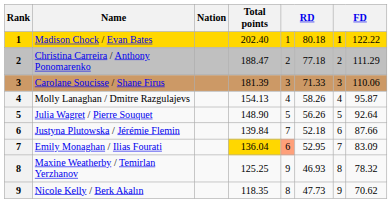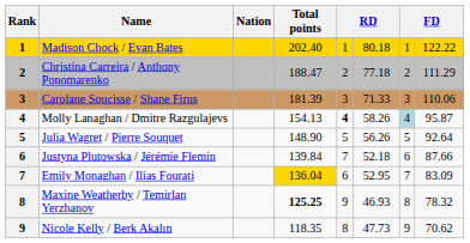 <table class="wikitable sortable">
 <tr>
 <th>Rank</th>
 <th>Name</th>
 <th>Nation</th>
 <th>Total points</th>
 <th colspan="2" width="80px"><a href='#'>RD</a></th>
 <th colspan="2" width="80px"><a href='#'>FD</a></th>
 </tr>
 <tr bgcolor="gold">
 <td align="center"><strong>1</strong></td>
 <td><a href='#'>Madison Chock</a> / <a href='#'>Evan Bates</a></td>
 <td></td>
 <td align="center">202.40</td>
 <td align="center">1</td>
 <td align="center">80.18</td>
-<td align="center"><strong>1</strong></td>
+<td align="center">1</td>
 <td align="center">122.22</td>
 </tr>
 <tr bgcolor="silver">
 <td align="center"><strong>2</strong></td>
 <td><a href='#'>Christina Carreira</a> / <a href='#'>Anthony Ponomarenko</a></td>
 <td></td>
 <td align="center">188.47</td>
 <td align="center">2</td>
 <td align="center">77.18</td>
 <td align="center">2</td>
 <td align="center">111.29</td>
 </tr>
 <tr bgcolor="cc9966">
 <td align="center"><strong>3</strong></td>
 <td><a href='#'>Carolane Soucisse</a> / <a href='#'>Shane Firus</a></td>
 <td></td>
 <td align="center">181.39</td>
 <td align="center">3</td>
 <td align="center">71.33</td>
 <td align="center">3</td>
 <td align="center">110.06</td>
 </tr>
 <tr>
 <th>4</th>
 <td>Molly Lanaghan / Dmitre Razgulajevs</td>
 <td></td>
 <td align="center">154.13</td>
-<td align="center">4</td>
+<td align="center"><strong>4</strong></td>
 <td align="center">58.26</td>
-<td align="center">4</td>
+<td align="center" style="background: lightblue;">4</td>
 <td align="center">95.87</td>
 </tr>
 <tr>
 <th>5</th>
 <td><a href='#'>Julia Wagret</a> / <a href='#'>Pierre Souquet</a></td>
 <td></td>
 <td align="center">148.90</td>
 <td align="center">5</td>
 <td align="center">56.26</td>
 <td align="center">5</td>
 <td align="center">92.64</td>
 </tr>
 <tr>
 <th>6</th>
 <td><a href='#'>Justyna Plutowska</a> / <a href='#'>Jérémie Flemin</a></td>
 <td></td>
 <td align="center">139.84</td>
 <td align="center">7</td>
 <td align="center">52.18</td>
 <td align="center">6</td>
 <td align="center">87.66</td>
 </tr>
 <tr>
 <th>7</th>
 <td><a href='#'>Emily Monaghan</a> / <a href='#'>Ilias Fourati</a></td>
 <td></td>
 <td align="center" style="background: gold;">136.04</td>
-<td align="center" style="background: lightsalmon;">6</td>
+<td align="center">6</td>
 <td align="center">52.95</td>
 <td align="center">7</td>
 <td align="center">83.09</td>
 </tr>
 <tr>
 <th>8</th>
 <td><a href='#'>Maxine Weatherby</a> / <a href='#'>Temirlan Yerzhanov</a></td>
 <td></td>
-<td align="center">125.25</td>
+<td align="center"><strong>125.25</strong></td>
 <td align="center">9</td>
 <td align="center">46.93</td>
 <td align="center">8</td>
 <td align="center">78.32</td>
 </tr>
 <tr>
 <th>9</th>
 <td><a href='#'>Nicole Kelly</a> / <a href='#'>Berk Akalın</a></td>
 <td></td>
 <td align="center">118.35</td>
 <td align="center">8</td>
 <td align="center">47.73</td>
 <td align="center">9</td>
 <td align="center">70.62</td>
 </tr>
 </table>
